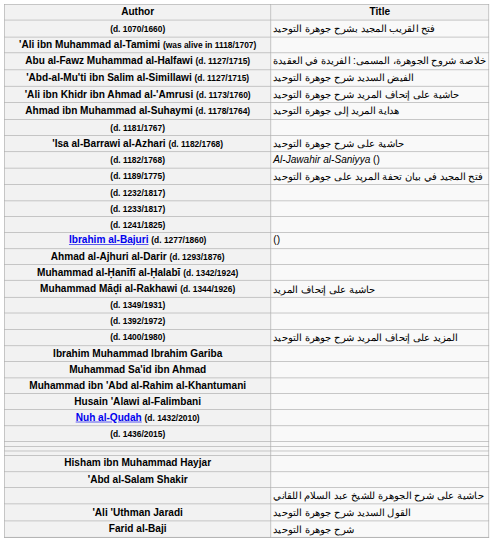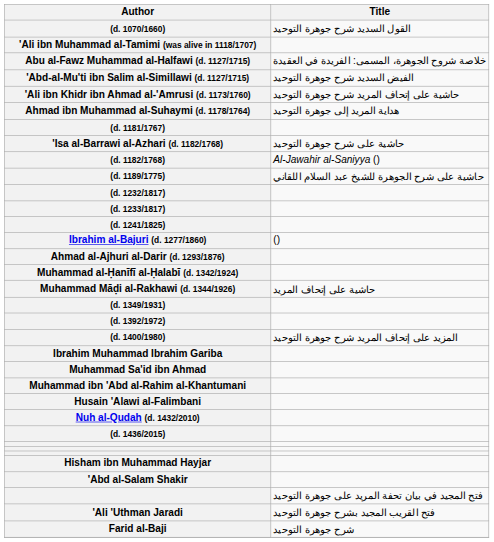 <table class="wikitable plainrowheaders">
 <tr>
 <th scope="col" style="width:26em;">Author</th>
 <th scope="col">Title</th>
 </tr>
 <tr>
 <th> <small>(d. 1070/1660)</small></th>
-<td>فتح القريب المجيد بشرح جوهرة التوحيد</td>
+<td>القول السديد شرح جوهرة التوحيد</td>
 </tr>
 <tr>
 <th>'Ali ibn Muhammad al-Tamimi <small>(was alive in 1118/1707)</small></th>
 <td></td>
 </tr>
 <tr>
 <th>Abu al-Fawz Muhammad al-Halfawi <small>(d. 1127/1715)</small></th>
 <td>خلاصة شروح الجوهرة، المسمى: الفريدة في العقيدة</td>
 </tr>
 <tr>
 <th>'Abd-al-Mu'ti ibn Salim al-Simillawi <small>(d. 1127/1715)</small></th>
 <td>الفيض السديد شرح جوهرة التوحيد</td>
 </tr>
 <tr>
 <th>'Ali ibn Khidr ibn Ahmad al-'Amrusi <small>(d. 1173/1760)</small></th>
 <td>حاشية على إتحاف المريد شرح جوهرة التوحيد</td>
 </tr>
 <tr>
 <th>Ahmad ibn Muhammad al-Suhaymi <small>(d. 1178/1764)</small></th>
 <td>هداية المريد إلى جوهرة التوحيد</td>
 </tr>
 <tr>
 <th> <small>(d. 1181/1767)</small></th>
 <td></td>
 </tr>
 <tr>
 <th>'Isa al-Barrawi al-Azhari <small>(d. 1182/1768)</small></th>
 <td>حاشية على شرح جوهرة التوحيد</td>
 </tr>
 <tr>
 <th> <small>(d. 1182/1768)</small></th>
 <td><em>Al-Jawahir al-Saniyya</em> ()</td>
 </tr>
 <tr>
 <th> <small>(d. 1189/1775)</small></th>
-<td>فتح المجيد في بيان تحفة المريد على جوهرة التوحيد</td>
+<td>حاشية على شرح الجوهرة للشيخ عبد السلام اللقاني</td>
 </tr>
 <tr>
 <th> <small>(d. 1232/1817)</small></th>
 <td></td>
 </tr>
 <tr>
 <th> <small>(d. 1233/1817)</small></th>
 <td></td>
 </tr>
 <tr>
 <th> <small>(d. 1241/1825)</small></th>
 <td></td>
 </tr>
 <tr>
 <th><a href='#'>Ibrahim al-Bajuri</a> <small>(d. 1277/1860)</small></th>
 <td><em></em> ()</td>
 </tr>
 <tr>
 <th>Ahmad al-Ajhuri al-Darir <small>(d. 1293/1876)</small></th>
 <td><em></em></td>
 </tr>
 <tr>
 <th>Muhammad al-Ḥanīfī al-Ḥalabī <small>(d. 1342/1924)</small></th>
 <td></td>
 </tr>
 <tr>
 <th>Muhammad Māḍi al-Rakhawi <small>(d. 1344/1926)</small></th>
 <td>حاشية على إتحاف المريد</td>
 </tr>
 <tr>
 <th> <small>(d. 1349/1931)</small></th>
 <td></td>
 </tr>
 <tr>
 <th> <small>(d. 1392/1972)</small></th>
 <td></td>
 </tr>
 <tr>
 <th> <small>(d. 1400/1980)</small></th>
 <td>المزيد على إتحاف المريد شرح جوهرة التوحيد</td>
 </tr>
 <tr>
 <th>Ibrahim Muhammad Ibrahim Gariba</th>
 <td></td>
 </tr>
 <tr>
 <th>Muhammad Sa'id ibn Ahmad</th>
 <td></td>
 </tr>
 <tr>
 <th>Muhammad ibn 'Abd al-Rahim al-Khantumani</th>
 <td></td>
 </tr>
 <tr>
 <th>Husain 'Alawi  al-Falimbani</th>
 <td></td>
 </tr>
 <tr>
 <th><a href='#'>Nuh al-Qudah</a> <small>(d. 1432/2010)</small></th>
 <td></td>
 </tr>
 <tr>
 <th> <small>(d. 1436/2015)</small></th>
 <td></td>
 </tr>
 <tr>
 <th></th>
 <td></td>
 </tr>
 <tr>
 <th></th>
 <td></td>
 </tr>
 <tr>
 <th></th>
 <td></td>
 </tr>
 <tr>
 <th>Hisham ibn Muhammad Hayjar</th>
 <td></td>
 </tr>
 <tr>
 <th>'Abd al-Salam Shakir</th>
 <td></td>
 </tr>
 <tr>
 <th></th>
-<td>حاشية على شرح الجوهرة للشيخ عبد السلام اللقاني</td>
+<td>فتح المجيد في بيان تحفة المريد على جوهرة التوحيد</td>
 </tr>
 <tr>
 <th>'Ali 'Uthman Jaradi</th>
-<td>القول السديد شرح جوهرة التوحيد</td>
+<td>فتح القريب المجيد بشرح جوهرة التوحيد</td>
 </tr>
 <tr>
 <th>Farid al-Baji</th>
 <td>شرح جوهرة التوحيد</td>
 </tr>
 <tr>
 </tr>
 </table>
